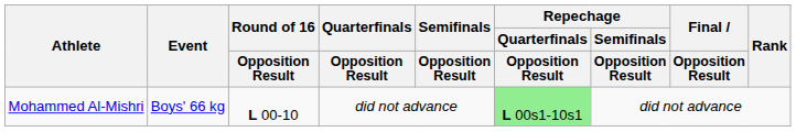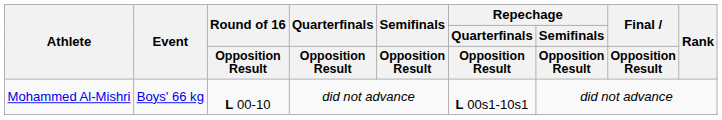 <table class="wikitable" style="font-size:90%">
 <tr>
 <th rowspan="3">Athlete</th>
 <th rowspan="3">Event</th>
 <th rowspan="2">Round of 16</th>
 <th rowspan="2">Quarterfinals</th>
 <th rowspan="2">Semifinals</th>
 <th colspan="2">Repechage</th>
 <th rowspan="2">Final / </th>
 <th rowspan="3">Rank</th>
 </tr>
 <tr>
 <th>Quarterfinals</th>
 <th>Semifinals</th>
 </tr>
 <tr style="font-size:95%">
 <th>Opposition<br>Result</th>
 <th>Opposition<br>Result</th>
 <th>Opposition<br>Result</th>
 <th>Opposition<br>Result</th>
 <th>Opposition<br>Result</th>
 <th>Opposition<br>Result</th>
 </tr>
 <tr align="center">
 <td align=left><a href='#'>Mohammed Al-Mishri</a></td>
 <td align=left><a href='#'>Boys' 66 kg</a></td>
 <td><br> <strong>L</strong> 00-10</td>
 <td Colspan=2><em>did not advance</em></td>
-<td style="background: lightgreen;"><br> <strong>L</strong> 00s1-10s1</td>
+<td><br> <strong>L</strong> 00s1-10s1</td>
 <td Colspan=3><em>did not advance</em></td>
 </tr>
 </table>
